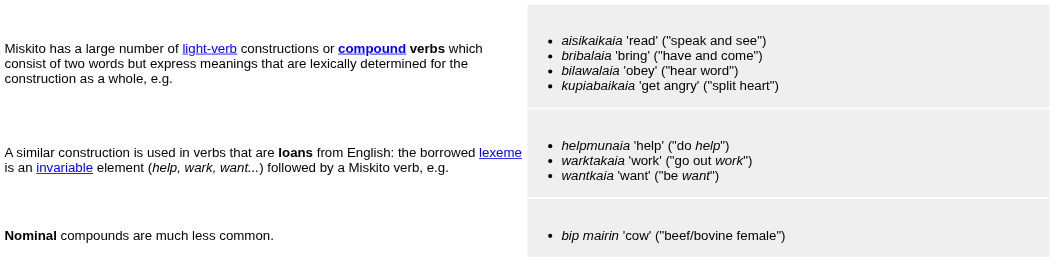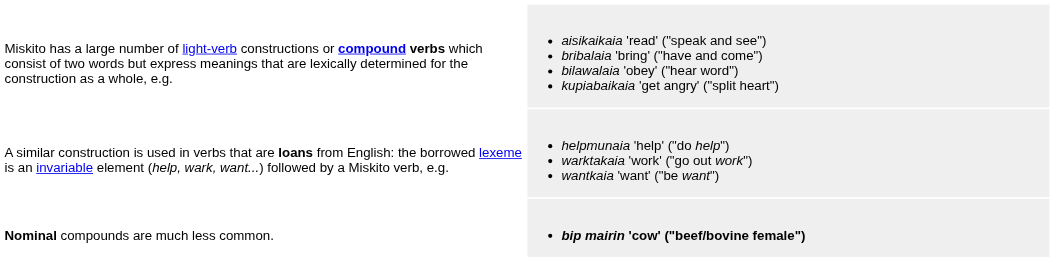 <table>
 <tr>
 <td><br>Miskito has a large number of <a href='#'>light-verb</a> constructions or <strong><a href='#'>compound</a> verbs</strong> which consist of two words but express meanings that are lexically determined for the construction as a whole, e.g.</td>
 <td style="width:50%; background:#efefef;"><br><ul><li><em>aisikaikaia</em> 'read' ("speak and see")</li><li><em>bribalaia</em> 'bring' ("have and come")</li><li><em>bilawalaia</em> 'obey' ("hear word")</li><li><em>kupiabaikaia</em> 'get angry' ("split heart")</li></ul></td>
 </tr>
 <tr>
 <td><br>A similar construction is used in verbs that are <strong>loans</strong> from English: the borrowed <a href='#'>lexeme</a> is an <a href='#'>invariable</a> element (<em>help, wark, want...</em>) followed by a Miskito verb, e.g.</td>
 <td style="background:#efefef;"><br><ul><li><em>helpmunaia</em> 'help' ("do <em>help</em>")</li><li><em>warktakaia</em> 'work' ("go out <em>work</em>")</li><li><em>wantkaia</em> 'want' ("be <em>want</em>")</li></ul></td>
 </tr>
 <tr>
 <td><br><strong>Nominal</strong> compounds are much less common.</td>
-<td style="background:#efefef;"><br><ul><li><em>bip mairin</em> 'cow' ("beef/bovine female")</li></ul></td>
+<td style="background:#efefef;"><strong><br><ul><li><em>bip mairin</em> 'cow' ("beef/bovine female")</li></ul></strong></td>
 </tr>
 </table>
